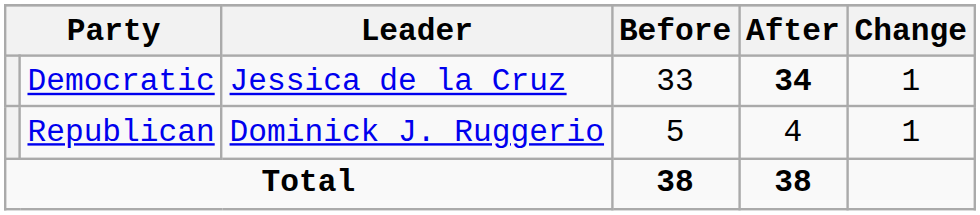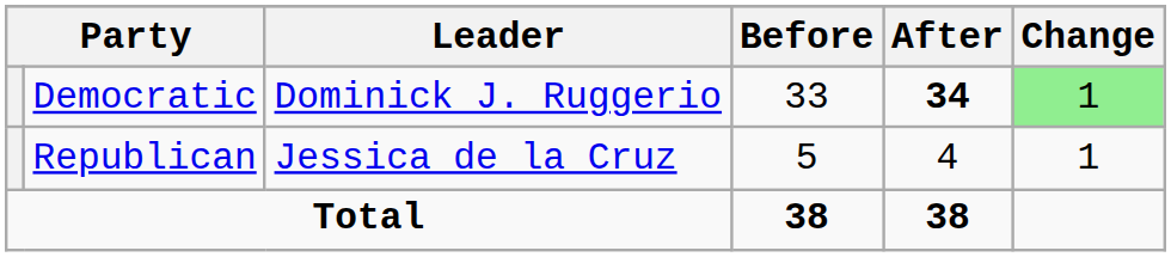 <table class="wikitable" style="text-align:center;">
 <tr>
 </tr>
 <tr>
 <th colspan="2">Party</th>
 <th>Leader</th>
 <th style="width:3em">Before</th>
 <th style="width:3em">After</th>
 <th style="width:3em">Change</th>
 </tr>
 <tr>
 <th style="background-color:"></th>
 <td style="text-align:left;"><a href='#'>Democratic</a></td>
-<td style="text-align:left;"><a href='#'>Jessica de la Cruz</a></td>
+<td style="text-align:left;"><a href='#'>Dominick J. Ruggerio</a></td>
 <td>33</td>
 <td><strong>34</strong></td>
-<td> 1</td>
+<td style="background: lightgreen;"> 1</td>
 </tr>
 <tr>
 <th style="background-color:"></th>
 <td style="text-align:left;"><a href='#'>Republican</a></td>
-<td style="text-align:left;"><a href='#'>Dominick J. Ruggerio</a></td>
+<td style="text-align:left;"><a href='#'>Jessica de la Cruz</a></td>
 <td>5</td>
 <td>4</td>
 <td> 1</td>
 </tr>
 <tr>
 <td colspan="3"><strong>Total</strong></td>
 <td><strong>38</strong></td>
 <td><strong>38</strong></td>
 <td></td>
 </tr>
 </table>
